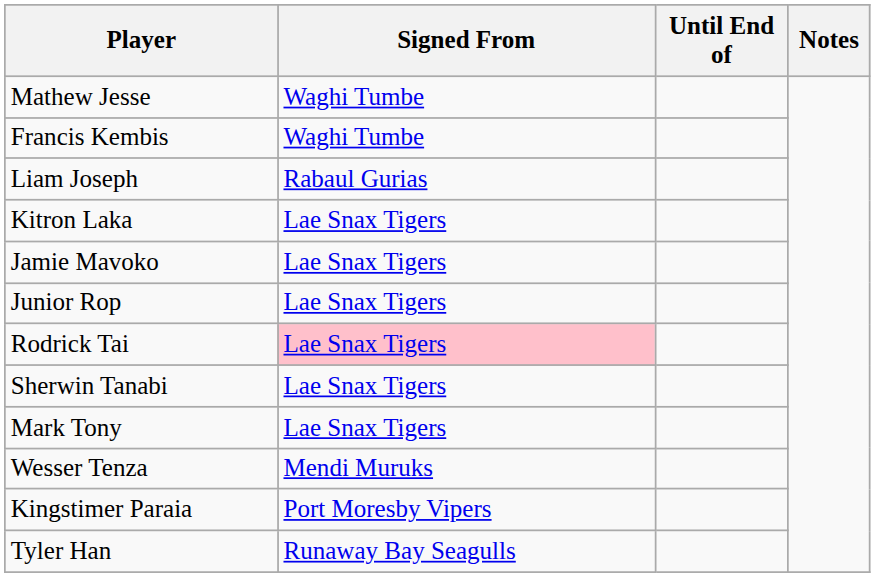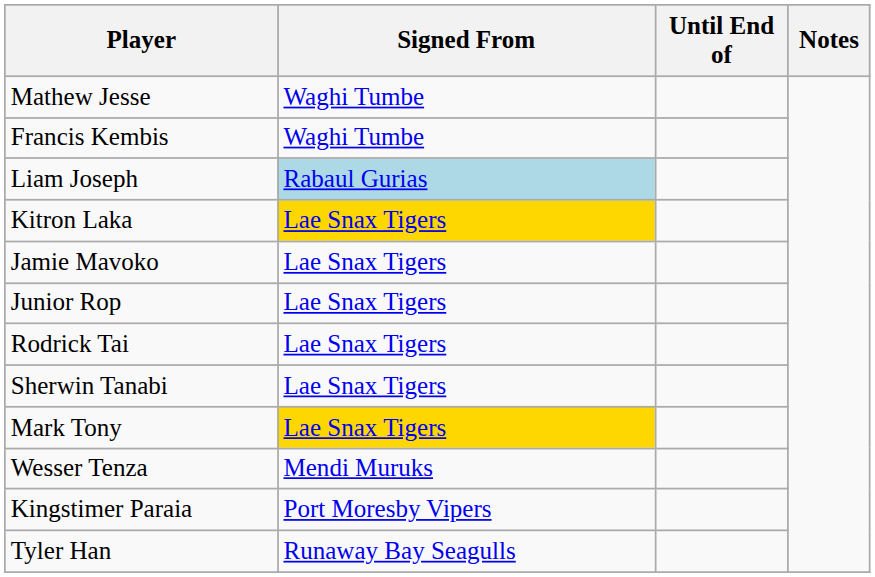 <table class="wikitable" style="font-size:90%">
 <tr style="background:#efefef;">
 <th style="width:150px;">Player</th>
 <th style="width:210px;">Signed From</th>
 <th style="width:70px;">Until End of</th>
 <th style="width:40px;">Notes</th>
 </tr>
 <tr>
 <td>Mathew Jesse</td>
 <td><a href='#'>Waghi Tumbe</a></td>
 <td></td>
 <td rowspan=13></td>
 </tr>
 <tr>
 <td>Francis Kembis</td>
 <td><a href='#'>Waghi Tumbe</a></td>
 <td></td>
 </tr>
 <tr>
 <td>Liam Joseph</td>
-<td><a href='#'>Rabaul Gurias</a></td>
+<td style="background: lightblue;"><a href='#'>Rabaul Gurias</a></td>
 <td></td>
 </tr>
 <tr>
 <td>Kitron Laka</td>
-<td><a href='#'>Lae Snax Tigers</a></td>
+<td style="background: gold;"><a href='#'>Lae Snax Tigers</a></td>
 <td></td>
 </tr>
 <tr>
 <td>Jamie Mavoko</td>
 <td><a href='#'>Lae Snax Tigers</a></td>
 <td></td>
 </tr>
 <tr>
 <td>Junior Rop</td>
 <td><a href='#'>Lae Snax Tigers</a></td>
 <td></td>
 </tr>
 <tr>
 <td>Rodrick Tai</td>
-<td style="background: pink;"><a href='#'>Lae Snax Tigers</a></td>
+<td><a href='#'>Lae Snax Tigers</a></td>
 <td></td>
 </tr>
 <tr>
 <td>Sherwin Tanabi</td>
 <td><a href='#'>Lae Snax Tigers</a></td>
 <td></td>
 </tr>
 <tr>
 <td>Mark Tony</td>
-<td><a href='#'>Lae Snax Tigers</a></td>
+<td style="background: gold;"><a href='#'>Lae Snax Tigers</a></td>
 <td></td>
 </tr>
 <tr>
 <td>Wesser Tenza</td>
 <td><a href='#'>Mendi Muruks</a></td>
 <td></td>
 </tr>
 <tr>
 <td>Kingstimer Paraia</td>
 <td><a href='#'>Port Moresby Vipers</a></td>
 <td></td>
 </tr>
 <tr>
 <td>Tyler Han</td>
 <td><a href='#'>Runaway Bay Seagulls</a></td>
 <td></td>
 </tr>
 </table>
